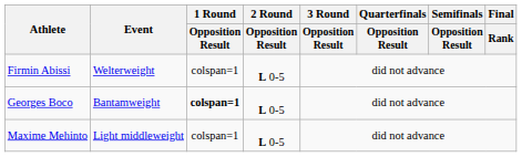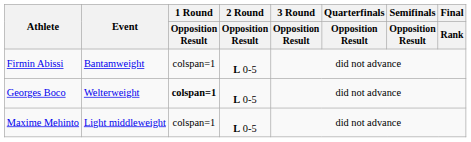 <table class="wikitable" style="font-size:90%">
 <tr>
 <th rowspan="2">Athlete</th>
 <th rowspan="2">Event</th>
 <th>1 Round</th>
 <th>2 Round</th>
 <th>3 Round</th>
 <th>Quarterfinals</th>
 <th>Semifinals</th>
 <th colspan=2>Final</th>
 </tr>
 <tr style="font-size:95%">
 <th>Opposition<br>Result</th>
 <th>Opposition<br>Result</th>
 <th>Opposition<br>Result</th>
 <th>Opposition<br>Result</th>
 <th>Opposition<br>Result</th>
 <th>Rank</th>
 </tr>
 <tr align=center>
 <td align=left><a href='#'>Firmin Abissi</a></td>
-<td align=left><a href='#'>Welterweight</a></td>
+<td align=left><a href='#'>Bantamweight</a></td>
 <td>colspan=1 </td>
 <td><br><strong>L</strong> 0-5</td>
 <td colspan=5>did not advance</td>
 </tr>
 <tr align=center>
 <td align=left><a href='#'>Georges Boco</a></td>
-<td align=left><a href='#'>Bantamweight</a></td>
+<td align=left><a href='#'>Welterweight</a></td>
 <td><strong>colspan=1 </strong></td>
 <td><br><strong>L</strong> 0-5</td>
 <td colspan=5>did not advance</td>
 </tr>
 <tr align=center>
 <td align=left><a href='#'>Maxime Mehinto</a></td>
 <td align=left><a href='#'>Light middleweight</a></td>
 <td>colspan=1 </td>
 <td><br><strong>L</strong> 0-5</td>
 <td colspan=5>did not advance</td>
 </tr>
 </table>
